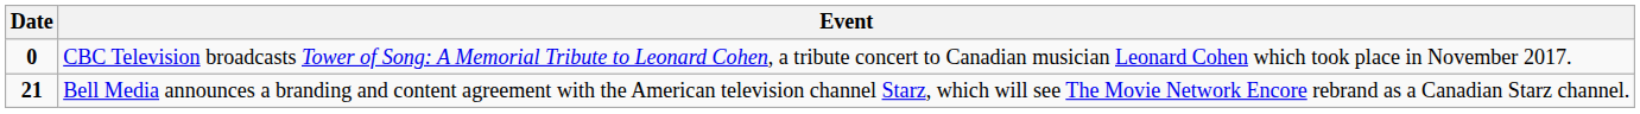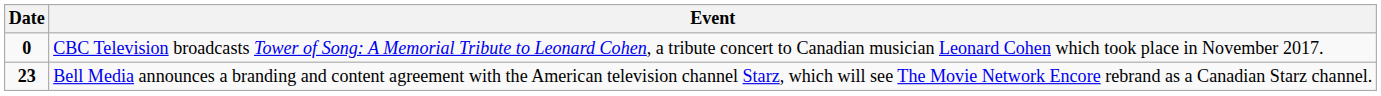 <table class="wikitable">
 <tr>
 <th>Date</th>
 <th>Event</th>
 </tr>
 <tr>
 <td style="text-align:center;"><strong>0</strong></td>
 <td><a href='#'>CBC Television</a> broadcasts <em><a href='#'>Tower of Song: A Memorial Tribute to Leonard Cohen</a></em>, a tribute concert to Canadian musician <a href='#'>Leonard Cohen</a> which took place in November 2017.</td>
 </tr>
 <tr>
-<td style="text-align:center;"><strong>21</strong></td>
+<td style="text-align:center;"><strong>23</strong></td>
 <td><a href='#'>Bell Media</a> announces a branding and content agreement with the American television channel <a href='#'>Starz</a>, which will see <a href='#'>The Movie Network Encore</a> rebrand as a Canadian Starz channel.</td>
 </tr>
 </table>
